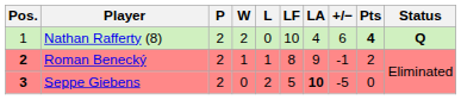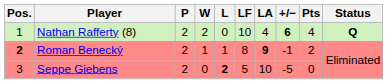 <table class="wikitable" style="text-align:center; margin: 1em auto 1em auto, align:left">
 <tr>
 <th width=20>Pos.</th>
 <th width=185>Player</th>
 <th width=20>P</th>
 <th width=20>W</th>
 <th width=20>L</th>
 <th width=20>LF</th>
 <th width=20>LA</th>
 <th width=25>+/−</th>
 <th width=20>Pts</th>
 <th width=70>Status</th>
 </tr>
 <tr style="background:#D0F0C0;">
 <td>1</td>
 <td align=left> <a href='#'>Nathan Rafferty</a> (8)</td>
 <td>2</td>
 <td>2</td>
 <td>0</td>
 <td>10</td>
 <td>4</td>
-<td>6</td>
-<td><strong>4</strong></td>
+<td><strong>6</strong></td>
+<td>4</td>
 <td rowspan=1><strong>Q</strong></td>
 </tr>
 <tr style="background:#FF8888;">
 <td><strong>2</strong></td>
 <td align=left> <a href='#'>Roman Benecký</a></td>
 <td>2</td>
 <td>1</td>
 <td>1</td>
 <td>8</td>
-<td>9</td>
+<td><strong>9</strong></td>
 <td>-1</td>
 <td>2</td>
 <td rowspan=2>Eliminated</td>
 </tr>
 <tr style="background:#FF8888;">
-<td><strong>3</strong></td>
+<td>3</td>
 <td align=left> <a href='#'>Seppe Giebens</a></td>
 <td>2</td>
 <td>0</td>
-<td>2</td>
+<td><strong>2</strong></td>
 <td>5</td>
-<td><strong>10</strong></td>
+<td>10</td>
 <td>-5</td>
 <td>0</td>
 </tr>
 </table>
